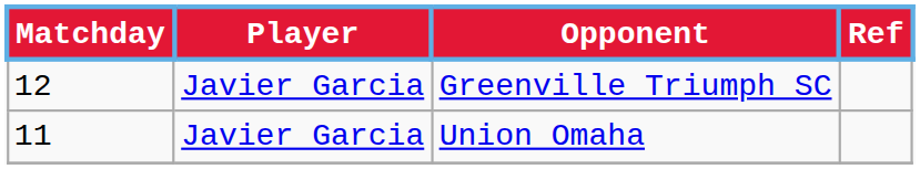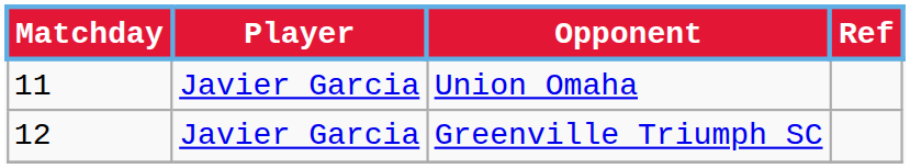 <table class=wikitable>
 <tr>
 <th style="background:#E31735; color:#FFFFFF; border:2px solid #5FAFE4;">Matchday</th>
 <th style="background:#E31735; color:#FFFFFF; border:2px solid #5FAFE4;">Player</th>
 <th style="background:#E31735; color:#FFFFFF; border:2px solid #5FAFE4;">Opponent</th>
 <th style="background:#E31735; color:#FFFFFF; border:2px solid #5FAFE4;">Ref</th>
 </tr>
 <tr>
+<td>11</td>
+<td> <a href='#'>Javier Garcia</a></td>
+<td><a href='#'>Union Omaha</a></td>
+<td></td>
+</tr>
+<tr>
 <td>12</td>
 <td> <a href='#'>Javier Garcia</a></td>
 <td><a href='#'>Greenville Triumph SC</a></td>
 <td></td>
 </tr>
 <tr>
-<td>11</td>
-<td> <a href='#'>Javier Garcia</a></td>
-<td><a href='#'>Union Omaha</a></td>
-<td></td>
-</tr>
-<tr>
 </tr>
 </table>
